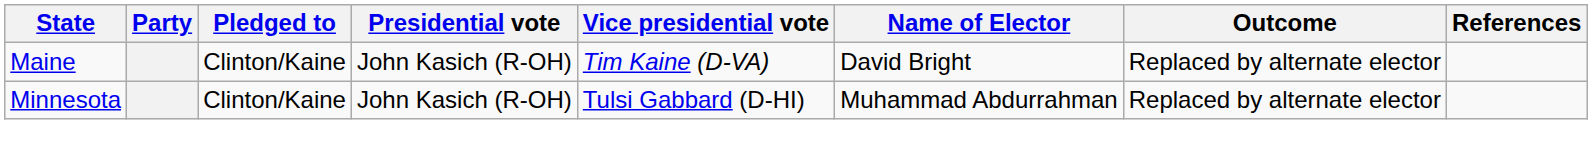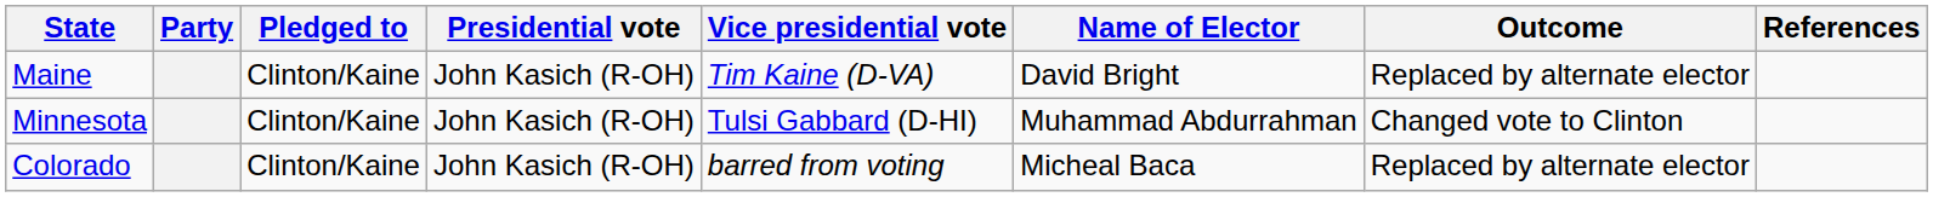 <table class="wikitable">
 <tr>
 <th><a href='#'>State</a></th>
 <th><a href='#'>Party</a></th>
 <th><a href='#'>Pledged to</a></th>
 <th><a href='#'>Presidential</a> vote</th>
 <th><a href='#'>Vice presidential</a> vote</th>
 <th><a href='#'>Name of Elector</a></th>
 <th>Outcome</th>
 <th>References</th>
 </tr>
 <tr>
 <td><a href='#'>Maine</a></td>
 <th style="background:"></th>
 <td>Clinton/Kaine</td>
 <td>John Kasich (R-OH)</td>
 <td><em><a href='#'>Tim Kaine</a> (D-VA)</em></td>
 <td>David Bright</td>
 <td>Replaced by alternate elector</td>
 <td></td>
 </tr>
 <tr>
 <td><a href='#'>Minnesota</a></td>
 <th style="background:"></th>
 <td>Clinton/Kaine</td>
 <td>John Kasich (R-OH)</td>
 <td><a href='#'>Tulsi Gabbard</a> (D-HI)</td>
 <td>Muhammad Abdurrahman</td>
+<td>Changed vote to Clinton</td>
+<td></td>
+</tr>
+<tr>
+<td><a href='#'>Colorado</a></td>
+<th style="background:"></th>
+<td>Clinton/Kaine</td>
+<td>John Kasich (R-OH)</td>
+<td><em>barred from voting</em></td>
+<td>Micheal Baca </td>
 <td>Replaced by alternate elector</td>
 <td></td>
 </tr>
 </table>
